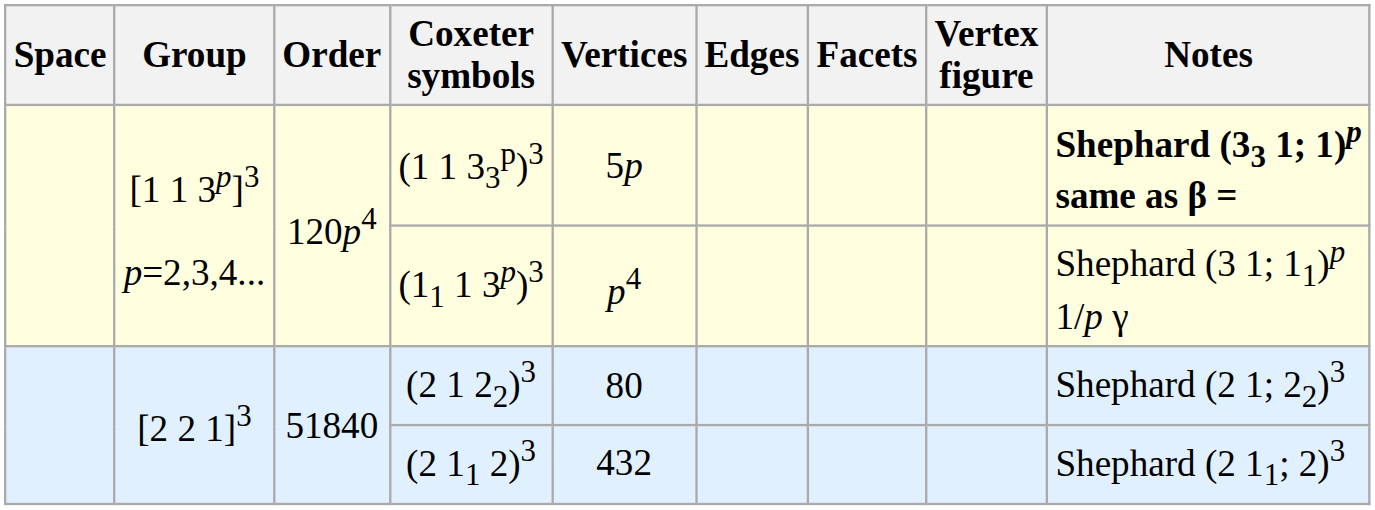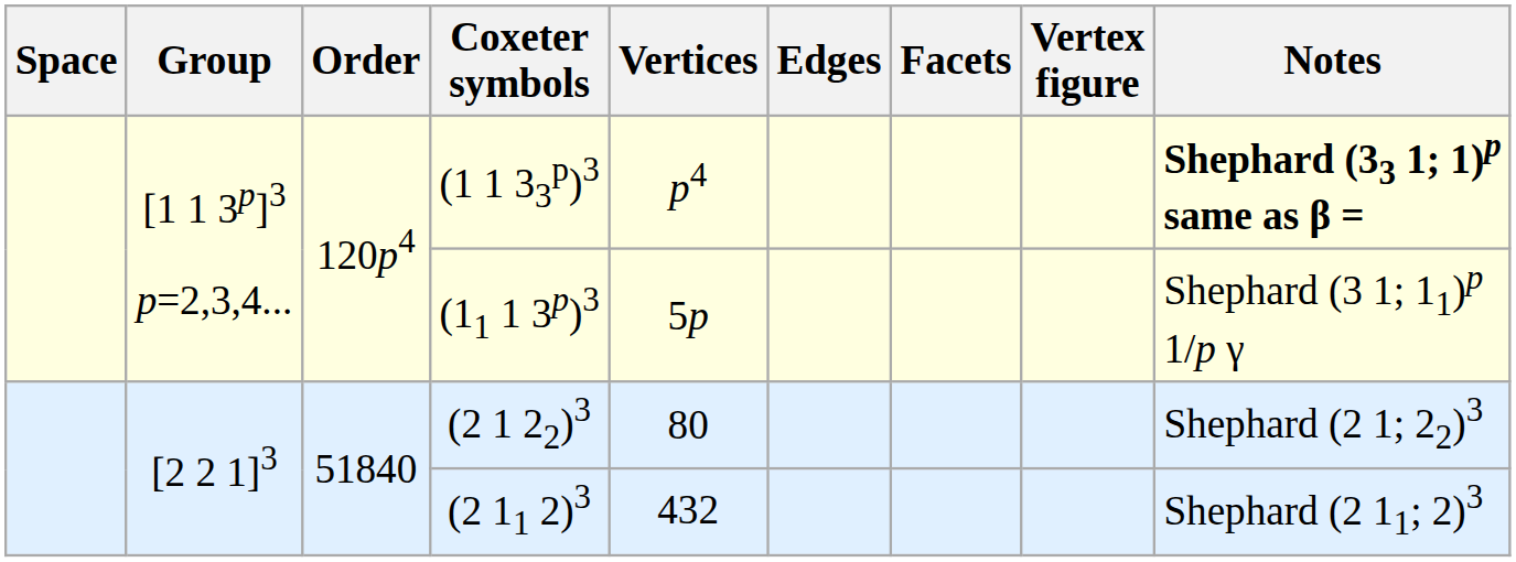 <table class="wikitable sortable">
 <tr>
 <th>Space</th>
 <th>Group</th>
 <th>Order</th>
 <th>Coxeter<br>symbols</th>
 <th>Vertices</th>
 <th>Edges</th>
 <th>Facets</th>
 <th>Vertex<br>figure</th>
 <th>Notes</th>
 </tr>
 <tr align=center BGCOLOR="#ffffe0">
 <td rowspan=2></td>
 <td rowspan=2>[1 1 3<sup><em>p</em></sup>]<sup>3</sup><br><br><em>p</em>=2,3,4...</td>
 <td rowspan=2>120<em>p</em><sup>4</sup></td>
 <td>(1 1 3<sub>3</sub><sup>p</sup>)<sup>3</sup><br></td>
-<td>5<em>p</em></td>
+<td><em>p</em><sup>4</sup></td>
 <td></td>
 <td></td>
 <td></td>
 <td align=left><strong>Shephard (3<sub>3</sub> 1; 1)<sup><em>p</em></sup><br>same as β = </strong></td>
 </tr>
 <tr align=center BGCOLOR="#ffffe0">
 <td>(1<sub>1</sub> 1 3<sup><em>p</em></sup>)<sup>3</sup><br></td>
-<td><em>p</em><sup>4</sup></td>
+<td>5<em>p</em></td>
 <td></td>
 <td><br></td>
 <td></td>
 <td align=left>Shephard (3 1; 1<sub>1</sub>)<sup><em>p</em></sup><br>1/<em>p</em> γ</td>
 </tr>
 <tr align=center BGCOLOR="#e0f0ff">
 <td rowspan=2></td>
 <td rowspan=2>[2 2 1]<sup>3</sup><br></td>
 <td rowspan=2>51840</td>
 <td>(2 1 2<sub>2</sub>)<sup>3</sup><br></td>
 <td>80</td>
 <td></td>
 <td><br></td>
 <td></td>
 <td align=left>Shephard (2 1; 2<sub>2</sub>)<sup>3</sup></td>
 </tr>
 <tr align=center BGCOLOR="#e0f0ff">
 <td>(2 1<sub>1</sub> 2)<sup>3</sup><br></td>
 <td>432</td>
 <td></td>
 <td></td>
 <td></td>
 <td align=left>Shephard (2 1<sub>1</sub>; 2)<sup>3</sup></td>
 </tr>
 </table>
